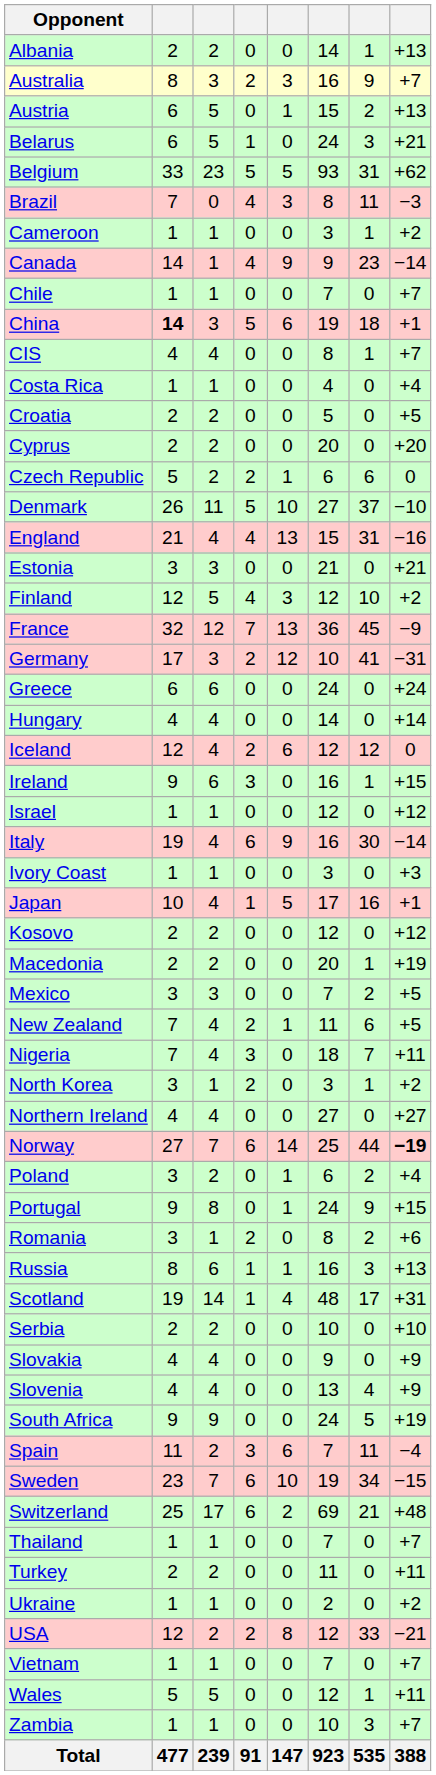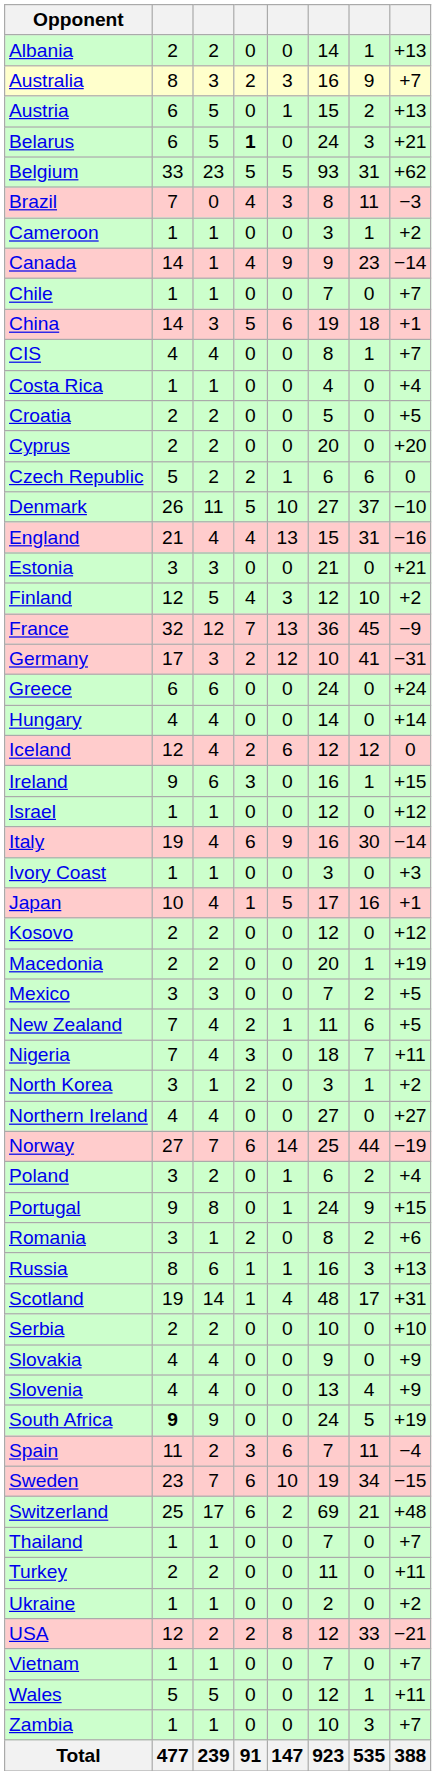 <table class="wikitable sortable collapsible mw-collapsed" style="text-align:center">
 <tr>
 <th valign="bottom" class="unsortable">Opponent</th>
 <th width="20" valign="bottom"></th>
 <th width="20" valign="bottom"></th>
 <th width="20" valign="bottom"></th>
 <th width="20" valign="bottom"></th>
 <th width="20" valign="bottom"></th>
 <th width="20" valign="bottom"></th>
 <th width="20" valign="bottom"></th>
 </tr>
 <tr style="background:#CCFFCC">
 <td style="text-align:left;"> <a href='#'>Albania</a></td>
 <td>2</td>
 <td>2</td>
 <td>0</td>
 <td>0</td>
 <td>14</td>
 <td>1</td>
 <td>+13</td>
 </tr>
 <tr style="background:#FFFFCC">
 <td style="text-align:left;"> <a href='#'>Australia</a></td>
 <td>8</td>
 <td>3</td>
 <td>2</td>
 <td>3</td>
 <td>16</td>
 <td>9</td>
 <td>+7</td>
 </tr>
 <tr style="background:#CCFFCC">
 <td style="text-align:left;"> <a href='#'>Austria</a></td>
 <td>6</td>
 <td>5</td>
 <td>0</td>
 <td>1</td>
 <td>15</td>
 <td>2</td>
 <td>+13</td>
 </tr>
 <tr style="background:#CCFFCC">
 <td style="text-align:left;"> <a href='#'>Belarus</a></td>
 <td>6</td>
 <td>5</td>
-<td>1</td>
+<td><strong>1</strong></td>
 <td>0</td>
 <td>24</td>
 <td>3</td>
 <td>+21</td>
 </tr>
 <tr style="background:#CCFFCC">
 <td style="text-align:left;"> <a href='#'>Belgium</a></td>
 <td>33</td>
 <td>23</td>
 <td>5</td>
 <td>5</td>
 <td>93</td>
 <td>31</td>
 <td>+62</td>
 </tr>
 <tr style="background:#FFCCCC">
 <td style="text-align:left;"> <a href='#'>Brazil</a></td>
 <td>7</td>
 <td>0</td>
 <td>4</td>
 <td>3</td>
 <td>8</td>
 <td>11</td>
 <td>−3</td>
 </tr>
 <tr style="background:#CCFFCC">
 <td style="text-align:left;"> <a href='#'>Cameroon</a></td>
 <td>1</td>
 <td>1</td>
 <td>0</td>
 <td>0</td>
 <td>3</td>
 <td>1</td>
 <td>+2</td>
 </tr>
 <tr style="background:#FFCCCC">
 <td style="text-align:left;"> <a href='#'>Canada</a></td>
 <td>14</td>
 <td>1</td>
 <td>4</td>
 <td>9</td>
 <td>9</td>
 <td>23</td>
 <td>−14</td>
 </tr>
 <tr style="background:#CCFFCC">
 <td style="text-align:left;"> <a href='#'>Chile</a></td>
 <td>1</td>
 <td>1</td>
 <td>0</td>
 <td>0</td>
 <td>7</td>
 <td>0</td>
 <td>+7</td>
 </tr>
 <tr style="background:#FFCCCC">
 <td style="text-align:left;"> <a href='#'>China</a></td>
-<td><strong>14</strong></td>
+<td>14</td>
 <td>3</td>
 <td>5</td>
 <td>6</td>
 <td>19</td>
 <td>18</td>
 <td>+1</td>
 </tr>
 <tr style="background:#CCFFCC">
 <td style="text-align:left;"> <a href='#'>CIS</a></td>
 <td>4</td>
 <td>4</td>
 <td>0</td>
 <td>0</td>
 <td>8</td>
 <td>1</td>
 <td>+7</td>
 </tr>
 <tr style="background:#CCFFCC">
 <td style="text-align:left;"> <a href='#'>Costa Rica</a></td>
 <td>1</td>
 <td>1</td>
 <td>0</td>
 <td>0</td>
 <td>4</td>
 <td>0</td>
 <td>+4</td>
 </tr>
 <tr style="background:#CCFFCC">
 <td style="text-align:left;"> <a href='#'>Croatia</a></td>
 <td>2</td>
 <td>2</td>
 <td>0</td>
 <td>0</td>
 <td>5</td>
 <td>0</td>
 <td>+5</td>
 </tr>
 <tr style="background:#CCFFCC">
 <td style="text-align:left;"> <a href='#'>Cyprus</a></td>
 <td>2</td>
 <td>2</td>
 <td>0</td>
 <td>0</td>
 <td>20</td>
 <td>0</td>
 <td>+20</td>
 </tr>
 <tr style="background:#CCFFCC">
 <td style="text-align:left;"> <a href='#'>Czech Republic</a></td>
 <td>5</td>
 <td>2</td>
 <td>2</td>
 <td>1</td>
 <td>6</td>
 <td>6</td>
 <td>0</td>
 </tr>
 <tr style="background:#CCFFCC">
 <td style="text-align:left;"> <a href='#'>Denmark</a></td>
 <td>26</td>
 <td>11</td>
 <td>5</td>
 <td>10</td>
 <td>27</td>
 <td>37</td>
 <td>−10</td>
 </tr>
 <tr style="background:#FFCCCC">
 <td style="text-align:left;"> <a href='#'>England</a></td>
 <td>21</td>
 <td>4</td>
 <td>4</td>
 <td>13</td>
 <td>15</td>
 <td>31</td>
 <td>−16</td>
 </tr>
 <tr style="background:#CCFFCC">
 <td style="text-align:left;"> <a href='#'>Estonia</a></td>
 <td>3</td>
 <td>3</td>
 <td>0</td>
 <td>0</td>
 <td>21</td>
 <td>0</td>
 <td>+21</td>
 </tr>
 <tr style="background:#CCFFCC">
 <td style="text-align:left;"> <a href='#'>Finland</a></td>
 <td>12</td>
 <td>5</td>
 <td>4</td>
 <td>3</td>
 <td>12</td>
 <td>10</td>
 <td>+2</td>
 </tr>
 <tr style="background:#FFCCCC">
 <td style="text-align:left;"> <a href='#'>France</a></td>
 <td>32</td>
 <td>12</td>
 <td>7</td>
 <td>13</td>
 <td>36</td>
 <td>45</td>
 <td>−9</td>
 </tr>
 <tr style="background:#FFCCCC">
 <td style="text-align:left;"> <a href='#'>Germany</a></td>
 <td>17</td>
 <td>3</td>
 <td>2</td>
 <td>12</td>
 <td>10</td>
 <td>41</td>
 <td>−31</td>
 </tr>
 <tr style="background:#CCFFCC">
 <td style="text-align:left;"> <a href='#'>Greece</a></td>
 <td>6</td>
 <td>6</td>
 <td>0</td>
 <td>0</td>
 <td>24</td>
 <td>0</td>
 <td>+24</td>
 </tr>
 <tr style="background:#CCFFCC">
 <td style="text-align:left;"> <a href='#'>Hungary</a></td>
 <td>4</td>
 <td>4</td>
 <td>0</td>
 <td>0</td>
 <td>14</td>
 <td>0</td>
 <td>+14</td>
 </tr>
 <tr style="background:#FFCCCC">
 <td style="text-align:left;"> <a href='#'>Iceland</a></td>
 <td>12</td>
 <td>4</td>
 <td>2</td>
 <td>6</td>
 <td>12</td>
 <td>12</td>
 <td>0</td>
 </tr>
 <tr style="background:#CCFFCC">
 <td style="text-align:left;"> <a href='#'>Ireland</a></td>
 <td>9</td>
 <td>6</td>
 <td>3</td>
 <td>0</td>
 <td>16</td>
 <td>1</td>
 <td>+15</td>
 </tr>
 <tr style="background:#CCFFCC">
 <td style="text-align:left;"> <a href='#'>Israel</a></td>
 <td>1</td>
 <td>1</td>
 <td>0</td>
 <td>0</td>
 <td>12</td>
 <td>0</td>
 <td>+12</td>
 </tr>
 <tr style="background:#FFCCCC">
 <td style="text-align:left;"> <a href='#'>Italy</a></td>
 <td>19</td>
 <td>4</td>
 <td>6</td>
 <td>9</td>
 <td>16</td>
 <td>30</td>
 <td>−14</td>
 </tr>
 <tr style="background:#CCFFCC">
 <td style="text-align:left;"> <a href='#'>Ivory Coast</a></td>
 <td>1</td>
 <td>1</td>
 <td>0</td>
 <td>0</td>
 <td>3</td>
 <td>0</td>
 <td>+3</td>
 </tr>
 <tr style="background:#FFCCCC">
 <td style="text-align:left;"> <a href='#'>Japan</a></td>
 <td>10</td>
 <td>4</td>
 <td>1</td>
 <td>5</td>
 <td>17</td>
 <td>16</td>
 <td>+1</td>
 </tr>
 <tr style="background:#CCFFCC">
 <td style="text-align:left;"> <a href='#'>Kosovo</a></td>
 <td>2</td>
 <td>2</td>
 <td>0</td>
 <td>0</td>
 <td>12</td>
 <td>0</td>
 <td>+12</td>
 </tr>
 <tr style="background:#CCFFCC">
 <td style="text-align:left;"> <a href='#'>Macedonia</a></td>
 <td>2</td>
 <td>2</td>
 <td>0</td>
 <td>0</td>
 <td>20</td>
 <td>1</td>
 <td>+19</td>
 </tr>
 <tr style="background:#CCFFCC">
 <td style="text-align:left;"> <a href='#'>Mexico</a></td>
 <td>3</td>
 <td>3</td>
 <td>0</td>
 <td>0</td>
 <td>7</td>
 <td>2</td>
 <td>+5</td>
 </tr>
 <tr style="background:#CCFFCC">
 <td style="text-align:left;"> <a href='#'>New Zealand</a></td>
 <td>7</td>
 <td>4</td>
 <td>2</td>
 <td>1</td>
 <td>11</td>
 <td>6</td>
 <td>+5</td>
 </tr>
 <tr style="background:#CCFFCC">
 <td style="text-align:left;"> <a href='#'>Nigeria</a></td>
 <td>7</td>
 <td>4</td>
 <td>3</td>
 <td>0</td>
 <td>18</td>
 <td>7</td>
 <td>+11</td>
 </tr>
 <tr style="background:#CCFFCC">
 <td style="text-align:left;"> <a href='#'>North Korea</a></td>
 <td>3</td>
 <td>1</td>
 <td>2</td>
 <td>0</td>
 <td>3</td>
 <td>1</td>
 <td>+2</td>
 </tr>
 <tr style="background:#CCFFCC">
 <td style="text-align:left;"> <a href='#'>Northern Ireland</a></td>
 <td>4</td>
 <td>4</td>
 <td>0</td>
 <td>0</td>
 <td>27</td>
 <td>0</td>
 <td>+27</td>
 </tr>
 <tr style="background:#FFCCCC">
 <td style="text-align:left;"> <a href='#'>Norway</a></td>
 <td>27</td>
 <td>7</td>
 <td>6</td>
 <td>14</td>
 <td>25</td>
 <td>44</td>
-<td><strong>−19</strong></td>
+<td>−19</td>
 </tr>
 <tr style="background:#CCFFCC">
 <td style="text-align:left;"> <a href='#'>Poland</a></td>
 <td>3</td>
 <td>2</td>
 <td>0</td>
 <td>1</td>
 <td>6</td>
 <td>2</td>
 <td>+4</td>
 </tr>
 <tr style="background:#CCFFCC">
 <td style="text-align:left;"> <a href='#'>Portugal</a></td>
 <td>9</td>
 <td>8</td>
 <td>0</td>
 <td>1</td>
 <td>24</td>
 <td>9</td>
 <td>+15</td>
 </tr>
 <tr style="background:#CCFFCC">
 <td style="text-align:left;"> <a href='#'>Romania</a></td>
 <td>3</td>
 <td>1</td>
 <td>2</td>
 <td>0</td>
 <td>8</td>
 <td>2</td>
 <td>+6</td>
 </tr>
 <tr style="background:#CCFFCC">
 <td style="text-align:left;"> <a href='#'>Russia</a></td>
 <td>8</td>
 <td>6</td>
 <td>1</td>
 <td>1</td>
 <td>16</td>
 <td>3</td>
 <td>+13</td>
 </tr>
 <tr style="background:#CCFFCC">
 <td style="text-align:left;"> <a href='#'>Scotland</a></td>
 <td>19</td>
 <td>14</td>
 <td>1</td>
 <td>4</td>
 <td>48</td>
 <td>17</td>
 <td>+31</td>
 </tr>
 <tr style="background:#CCFFCC">
 <td style="text-align:left;"> <a href='#'>Serbia</a></td>
 <td>2</td>
 <td>2</td>
 <td>0</td>
 <td>0</td>
 <td>10</td>
 <td>0</td>
 <td>+10</td>
 </tr>
 <tr style="background:#CCFFCC">
 <td style="text-align:left;"> <a href='#'>Slovakia</a></td>
 <td>4</td>
 <td>4</td>
 <td>0</td>
 <td>0</td>
 <td>9</td>
 <td>0</td>
 <td>+9</td>
 </tr>
 <tr style="background:#CCFFCC">
 <td style="text-align:left;"> <a href='#'>Slovenia</a></td>
 <td>4</td>
 <td>4</td>
 <td>0</td>
 <td>0</td>
 <td>13</td>
 <td>4</td>
 <td>+9</td>
 </tr>
 <tr style="background:#CCFFCC">
 <td style="text-align:left;"> <a href='#'>South Africa</a></td>
-<td>9</td>
+<td><strong>9</strong></td>
 <td>9</td>
 <td>0</td>
 <td>0</td>
 <td>24</td>
 <td>5</td>
 <td>+19</td>
 </tr>
 <tr style="background:#FFCCCC">
 <td style="text-align:left;"> <a href='#'>Spain</a></td>
 <td>11</td>
 <td>2</td>
 <td>3</td>
 <td>6</td>
 <td>7</td>
 <td>11</td>
 <td>−4</td>
 </tr>
 <tr style="background:#FFCCCC">
 <td style="text-align:left;"> <a href='#'>Sweden</a></td>
 <td>23</td>
 <td>7</td>
 <td>6</td>
 <td>10</td>
 <td>19</td>
 <td>34</td>
 <td>−15</td>
 </tr>
 <tr style="background:#CCFFCC">
 <td style="text-align:left;"> <a href='#'>Switzerland</a></td>
 <td>25</td>
 <td>17</td>
 <td>6</td>
 <td>2</td>
 <td>69</td>
 <td>21</td>
 <td>+48</td>
 </tr>
 <tr style="background:#CCFFCC">
 <td style="text-align:left;"> <a href='#'>Thailand</a></td>
 <td>1</td>
 <td>1</td>
 <td>0</td>
 <td>0</td>
 <td>7</td>
 <td>0</td>
 <td>+7</td>
 </tr>
 <tr style="background:#CCFFCC">
 <td style="text-align:left;"> <a href='#'>Turkey</a></td>
 <td>2</td>
 <td>2</td>
 <td>0</td>
 <td>0</td>
 <td>11</td>
 <td>0</td>
 <td>+11</td>
 </tr>
 <tr style="background:#CCFFCC">
 <td style="text-align:left;"> <a href='#'>Ukraine</a></td>
 <td>1</td>
 <td>1</td>
 <td>0</td>
 <td>0</td>
 <td>2</td>
 <td>0</td>
 <td>+2</td>
 </tr>
 <tr style="background:#FFCCCC">
 <td style="text-align:left;"> <a href='#'>USA</a></td>
 <td>12</td>
 <td>2</td>
 <td>2</td>
 <td>8</td>
 <td>12</td>
 <td>33</td>
 <td>−21</td>
 </tr>
 <tr style="background:#CCFFCC">
 <td style="text-align:left;"> <a href='#'>Vietnam</a></td>
 <td>1</td>
 <td>1</td>
 <td>0</td>
 <td>0</td>
 <td>7</td>
 <td>0</td>
 <td>+7</td>
 </tr>
 <tr style="background:#CCFFCC">
 <td style="text-align:left;"> <a href='#'>Wales</a></td>
 <td>5</td>
 <td>5</td>
 <td>0</td>
 <td>0</td>
 <td>12</td>
 <td>1</td>
 <td>+11</td>
 </tr>
 <tr style="background:#CCFFCC">
 <td style="text-align:left;"> <a href='#'>Zambia</a></td>
 <td>1</td>
 <td>1</td>
 <td>0</td>
 <td>0</td>
 <td>10</td>
 <td>3</td>
 <td>+7</td>
 </tr>
 <tr>
 <th><strong>Total</strong></th>
 <th>477</th>
 <th>239</th>
 <th>91</th>
 <th>147</th>
 <th>923</th>
 <th>535</th>
 <th>388</th>
 </tr>
 </table>
